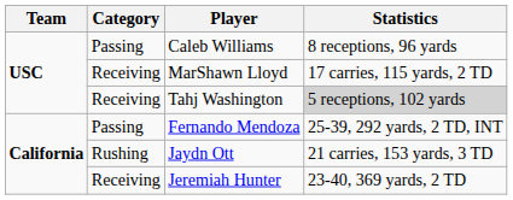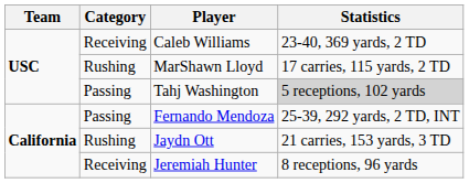 <table class="wikitable" style="float: right;">
 <tr>
 <th>Team</th>
 <th>Category</th>
 <th>Player</th>
 <th>Statistics</th>
 </tr>
 <tr>
 <td rowspan=3><strong>USC</strong></td>
-<td>Passing</td>
+<td>Receiving</td>
 <td>Caleb Williams</td>
-<td>8 receptions, 96 yards</td>
+<td>23-40, 369 yards, 2 TD</td>
 </tr>
 <tr>
-<td>Receiving</td>
+<td>Rushing</td>
 <td>MarShawn Lloyd</td>
 <td>17 carries, 115 yards, 2 TD</td>
 </tr>
 <tr>
-<td>Receiving</td>
+<td>Passing</td>
 <td>Tahj Washington</td>
 <td style="background: lightgrey;">5 receptions, 102 yards</td>
 </tr>
 <tr>
 <td rowspan=3><strong>California</strong></td>
 <td>Passing</td>
 <td><a href='#'>Fernando Mendoza</a></td>
 <td>25-39, 292 yards, 2 TD, INT</td>
 </tr>
 <tr>
 <td>Rushing</td>
 <td><a href='#'>Jaydn Ott</a></td>
 <td>21 carries, 153 yards, 3 TD</td>
 </tr>
 <tr>
 <td>Receiving</td>
 <td><a href='#'>Jeremiah Hunter</a></td>
-<td>23-40, 369 yards, 2 TD</td>
+<td>8 receptions, 96 yards</td>
 </tr>
 </table>
